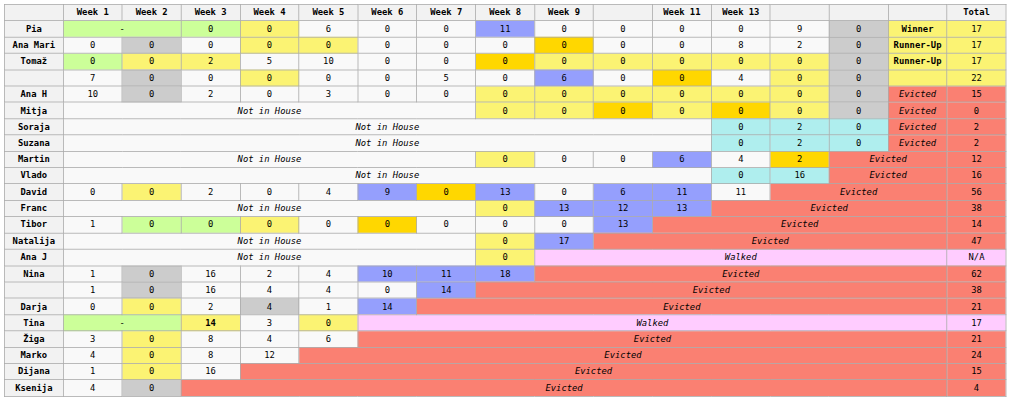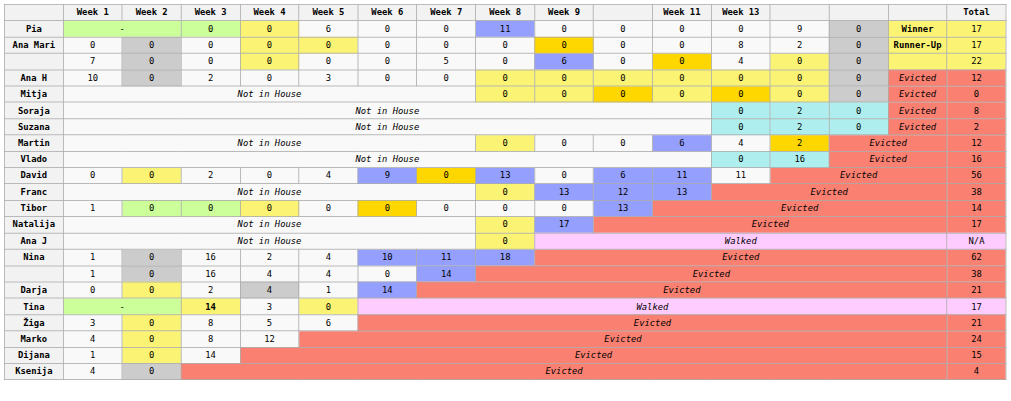 <table class="wikitable" style="text-align:center; font-size:85%; line-height:15px">
 <tr>
 <th style="width: 5%;"></th>
 <th style="width: 5%;">Week 1</th>
 <th style="width: 5%;">Week 2</th>
 <th style="width: 5%;">Week 3</th>
 <th style="width: 5%;">Week 4</th>
 <th style="width: 5%;">Week 5</th>
 <th style="width: 5%;">Week 6</th>
 <th style="width: 5%;">Week 7</th>
 <th style="width: 5%;">Week 8</th>
 <th style="width: 5%;">Week 9</th>
 <th style="width: 5%;"></th>
 <th style="width: 5%;">Week 11</th>
 <th style="width: 5%;">Week 13</th>
 <th style="width: 5%;"></th>
 <th style="width: 5%;"></th>
 <th style="width: 5%;"></th>
 <th style="width: 5%;">Total</th>
 </tr>
 <tr>
 <th>Pia</th>
 <td style="background:#cf9;" colspan="2">-</td>
 <td style="background:#cf9">0</td>
 <td style="background:#FBF373;">0</td>
 <td>6</td>
 <td>0</td>
 <td>0</td>
 <td style="background:#959FFD;">11</td>
 <td>0</td>
 <td>0</td>
 <td>0</td>
 <td>0</td>
 <td>9</td>
 <td style="background:#ccc;;">0</td>
 <td style="background:#FBF373;"><strong>Winner</strong></td>
 <td style="background:#FBF373;">17</td>
 </tr>
 <tr>
 <th>Ana Mari</th>
 <td>0</td>
 <td style="background:#ccc;;">0</td>
 <td>0</td>
 <td style="background:#FBF373;">0</td>
 <td style="background:#FBF373;">0</td>
 <td>0</td>
 <td>0</td>
 <td>0</td>
 <td bgcolor="gold">0</td>
 <td>0</td>
 <td>0</td>
 <td>8</td>
 <td>2</td>
 <td style="background:#ccc;;">0</td>
 <td style="background:#FBF373;"><strong>Runner-Up</strong></td>
 <td style="background:#FBF373;">17</td>
 </tr>
 <tr>
-<th>Tomaž</th>
-<td style="background:#cf9;">0</td>
-<td style="background:#FBF373;">0</td>
-<td style="background:#FBF373;">2</td>
-<td>5</td>
-<td>10</td>
-<td>0</td>
-<td>0</td>
-<td bgcolor="gold">0</td>
-<td style="background:#FBF373;">0</td>
-<td style="background:#FBF373;">0</td>
-<td style="background:#FBF373;">0</td>
-<td style="background:#FBF373;">0</td>
-<td style="background:#FBF373;">0</td>
-<td style="background:#ccc;;">0</td>
-<td style="background:#FBF373;"><strong>Runner-Up </strong></td>
-<td style="background:#FBF373;">17</td>
-</tr>
-<tr>
 <th></th>
 <td>7</td>
 <td style="background:#ccc;;">0</td>
 <td>0</td>
 <td style="background:#FBF373;">0</td>
 <td>0</td>
 <td>0</td>
 <td>5</td>
 <td>0</td>
 <td style="background:#959FFD;">6</td>
 <td>0</td>
 <td bgcolor="gold">0</td>
 <td>4</td>
 <td style="background:#FBF373;">0</td>
 <td style="background:#ccc;;">0</td>
 <td style="background:#FBF373;"><strong></strong></td>
 <td style="background:#FBF373;">22</td>
 </tr>
 <tr>
 <th>Ana H</th>
 <td>10</td>
 <td style="background:#ccc;;">0</td>
 <td>2</td>
 <td>0</td>
 <td>3</td>
 <td>0</td>
 <td>0</td>
 <td style="background:#FBF373;">0</td>
 <td style="background:#FBF373;">0</td>
 <td style="background:#FBF373;">0</td>
 <td style="background:#FBF373;">0</td>
 <td style="background:#FBF373;">0</td>
 <td style="background:#FBF373;">0</td>
 <td style="background:#ccc;;">0</td>
 <td style="background:salmon;;"><em>Evicted</em></td>
-<td style="background:salmon">15</td>
+<td style="background:salmon">12</td>
 </tr>
 <tr>
 <th>Mitja</th>
 <td colspan="7"><em>Not in House </em></td>
 <td style="background:#FBF373;">0</td>
 <td style="background:#FBF373;">0</td>
 <td bgcolor="gold">0</td>
 <td style="background:#FBF373;">0</td>
 <td bgcolor="gold">0</td>
 <td style="background:#FBF373;">0</td>
 <td style="background:#ccc;;">0</td>
 <td style="background:salmon;;"><em>Evicted</em></td>
 <td style="background:salmon">0</td>
 </tr>
 <tr>
 <th>Soraja</th>
 <td colspan="11"><em>Not in House</em></td>
 <td style="background:#AFEEEE;">0</td>
 <td style="background:#AFEEEE;">2</td>
 <td style="background:#AFEEEE;">0</td>
 <td style="background:salmon;;"><em>Evicted</em></td>
-<td style="background:salmon">2</td>
+<td style="background:salmon">8</td>
 </tr>
 <tr>
 <th>Suzana</th>
 <td colspan="11"><em>Not in House</em></td>
 <td style="background:#AFEEEE;">0</td>
 <td style="background:#AFEEEE;">2</td>
 <td style="background:#AFEEEE;">0</td>
 <td style="background:salmon;;"><em>Evicted</em></td>
 <td style="background:salmon">2</td>
 </tr>
 <tr>
 <th>Martin</th>
 <td colspan="7"><em>Not in House</em></td>
 <td style="background:#FBF373;">0</td>
 <td>0</td>
 <td>0</td>
 <td style="background:#959FFD;">6</td>
 <td>4</td>
 <td bgcolor="gold">2</td>
 <td style="background:salmon;;" colspan="2"><em>Evicted</em></td>
 <td style="background:salmon">12</td>
 </tr>
 <tr>
 <th>Vlado</th>
 <td colspan="11"><em>Not in House</em></td>
 <td style="background:#AFEEEE;">0</td>
 <td style="background:#AFEEEE;">16</td>
 <td style="background:salmon;;" colspan="2"><em>Evicted</em></td>
 <td style="background:salmon">16</td>
 </tr>
 <tr>
 <th>David</th>
 <td>0</td>
 <td style="background:#FBF373;">0</td>
 <td>2</td>
 <td>0</td>
 <td>4</td>
 <td style="background:#959FFD;">9</td>
 <td bgcolor="gold">0</td>
 <td style="background:#959FFD;">13</td>
 <td>0</td>
 <td style="background:#959FFD;">6</td>
 <td style="background:#959FFD;">11</td>
 <td>11</td>
 <td style="background:salmon;;" colspan="3"><em>Evicted</em></td>
 <td style="background:salmon">56</td>
 </tr>
 <tr>
 <th>Franc</th>
 <td colspan="7"><em>Not in House</em></td>
 <td style="background:#FBF373;">0</td>
 <td style="background:#959FFD;">13</td>
 <td style="background:#959FFD;">12</td>
 <td style="background:#959FFD;">13</td>
 <td style="background:salmon;;" colspan="4"><em>Evicted</em></td>
 <td style="background:salmon">38</td>
 </tr>
 <tr>
 <th>Tibor</th>
 <td>1</td>
 <td style="background:#cf9;">0</td>
 <td style="background:#cf9;">0</td>
 <td style="background:#FBF373;">0</td>
 <td>0</td>
 <td bgcolor="gold">0</td>
 <td>0</td>
 <td>0</td>
 <td>0</td>
 <td style="background:#959FFD;">13</td>
 <td style="background:salmon;;" colspan="5"><em>Evicted</em></td>
 <td style="background:salmon">14</td>
 </tr>
 <tr>
 <th>Natalija</th>
 <td colspan="7"><em>Not in House</em></td>
 <td style="background:#FBF373;">0</td>
 <td style="background:#959FFD;">17</td>
 <td style="background:salmon;;" colspan="6"><em>Evicted</em></td>
-<td style="background:salmon">47</td>
+<td style="background:salmon">17</td>
 </tr>
 <tr>
 <th>Ana J</th>
 <td colspan="7"><em>Not in House</em></td>
 <td style="background:#FBF373;">0</td>
 <td style="background:#FFCCFF; ;" colspan="7"><em>Walked</em></td>
 <td style="background:#FFCCFF">N/A</td>
 </tr>
 <tr>
 <th>Nina</th>
 <td>1</td>
 <td style="background:#ccc;;">0</td>
 <td>16</td>
 <td>2</td>
 <td>4</td>
 <td style="background:#959FFD;">10</td>
 <td style="background:#959FFD;">11</td>
 <td style="background:#959FFD;">18</td>
 <td style="background:salmon;;" colspan="7"><em>Evicted</em></td>
 <td style="background:salmon">62</td>
 </tr>
 <tr>
 <th></th>
 <td>1</td>
 <td style="background:#ccc;;">0</td>
 <td>16</td>
 <td>4</td>
 <td>4</td>
 <td>0</td>
 <td style="background:#959FFD;">14</td>
 <td style="background:salmon;;" colspan="8"><em>Evicted</em></td>
 <td style="background:salmon">38</td>
 </tr>
 <tr>
 <th>Darja</th>
 <td>0</td>
 <td style="background:#FBF373;">0</td>
 <td>2</td>
 <td style="background:#ccc;;">4</td>
 <td>1</td>
 <td style="background:#959FFD;">14</td>
 <td style="background:salmon;;" colspan="9"><em>Evicted</em></td>
 <td style="background:salmon">21</td>
 </tr>
 <tr>
 <th>Tina</th>
 <td style="background:#cf9;" colspan="2">-</td>
 <td style="background:#FBF373;"><strong>14</strong></td>
 <td>3</td>
 <td style="background:#FBF373;">0</td>
 <td style="background:#FFCCFF; ;" colspan="10"><em>Walked</em></td>
 <td style="background:#FFCCFF">17</td>
 </tr>
 <tr>
 <th>Žiga</th>
 <td>3</td>
 <td style="background:#FBF373;">0</td>
 <td>8</td>
-<td>4</td>
+<td>5</td>
 <td>6</td>
 <td style="background:salmon;;" colspan="10"><em>Evicted</em></td>
 <td style="background:salmon">21</td>
 </tr>
 <tr>
 <th>Marko</th>
 <td>4</td>
 <td style="background:#FBF373;">0</td>
 <td>8</td>
 <td>12</td>
 <td style="background:salmon;;" colspan="11"><em>Evicted</em></td>
 <td style="background:salmon">24</td>
 </tr>
 <tr>
 <th>Dijana</th>
 <td>1</td>
 <td style="background:#FBF373;">0</td>
-<td>16</td>
+<td>14</td>
 <td style="background:salmon;;" colspan="12"><em>Evicted</em></td>
 <td style="background:salmon">15</td>
 </tr>
 <tr>
 <th>Ksenija</th>
 <td>4</td>
 <td style="background:#ccc;;">0</td>
 <td style="background:salmon;;" colspan="13"><em>Evicted</em></td>
 <td style="background:salmon">4</td>
 </tr>
 </table>
